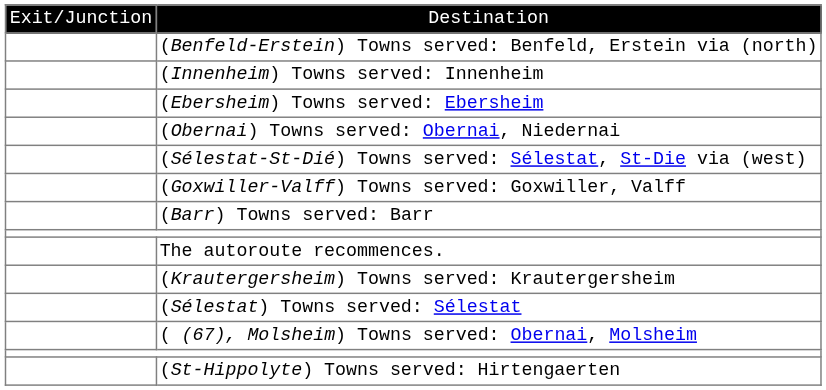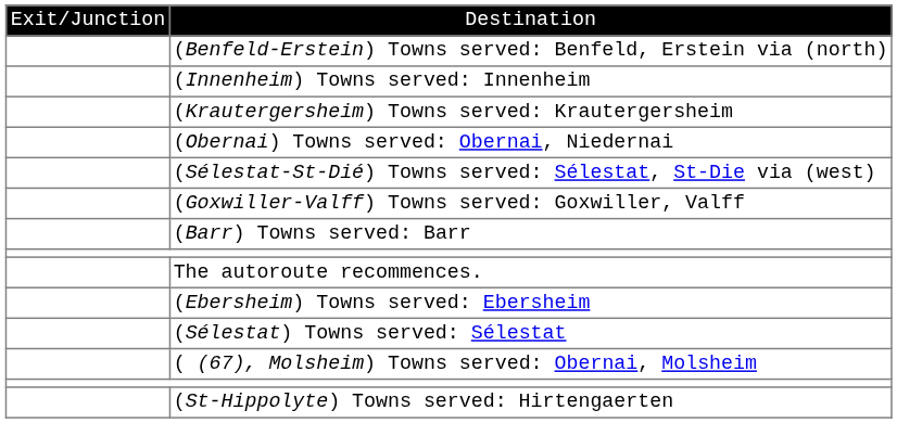 <table border=1 cellpadding=2 style="margin-left:1em; margin-bottom: 1em; color: black; border-collapse: collapse; font-size: 95%;">
 <tr align="center" bgcolor="000000" style="color: white">
 <td>Exit/Junction</td>
 <td>Destination</td>
 </tr>
 <tr>
 <td></td>
 <td>(<em>Benfeld-Erstein</em>) Towns served: Benfeld, Erstein via <strong><em></em></strong> (north)</td>
 </tr>
 <tr>
 <td></td>
 <td>(<em>Innenheim</em>) Towns served: Innenheim</td>
 </tr>
 <tr>
 <td></td>
-<td>(<em>Ebersheim</em>) Towns served: <a href='#'>Ebersheim</a></td>
+<td>(<em>Krautergersheim</em>) Towns served: Krautergersheim</td>
 </tr>
 <tr>
 <td></td>
 <td>(<em>Obernai</em>) Towns served: <a href='#'>Obernai</a>, Niedernai</td>
 </tr>
 <tr>
 <td></td>
 <td>(<em>Sélestat-St-Dié</em>) Towns served: <a href='#'>Sélestat</a>, <a href='#'>St-Die</a> via <strong><em></em></strong> (west)</td>
 </tr>
 <tr>
 <td></td>
 <td>(<em>Goxwiller-Valff</em>) Towns served: Goxwiller, Valff</td>
 </tr>
 <tr>
 <td></td>
 <td>(<em>Barr</em>) Towns served: Barr</td>
 </tr>
 <tr>
 <td colspan="2"></td>
 </tr>
 <tr>
 <td></td>
 <td><strong><em></em></strong> The autoroute recommences.</td>
 </tr>
 <tr>
 <td></td>
-<td>(<em>Krautergersheim</em>) Towns served: Krautergersheim</td>
+<td>(<em>Ebersheim</em>) Towns served: <a href='#'>Ebersheim</a></td>
 </tr>
 <tr>
 <td></td>
 <td>(<em>Sélestat</em>) Towns served: <a href='#'>Sélestat</a></td>
 </tr>
 <tr>
 <td></td>
 <td>(<strong><em></em></strong> <em>(67), Molsheim</em>) Towns served:  <a href='#'>Obernai</a>, <a href='#'>Molsheim</a></td>
 </tr>
 <tr>
 <td colspan="2"></td>
 </tr>
 <tr>
 <td></td>
 <td>(<em>St-Hippolyte</em>) Towns served: Hirtengaerten</td>
 </tr>
 </table>
